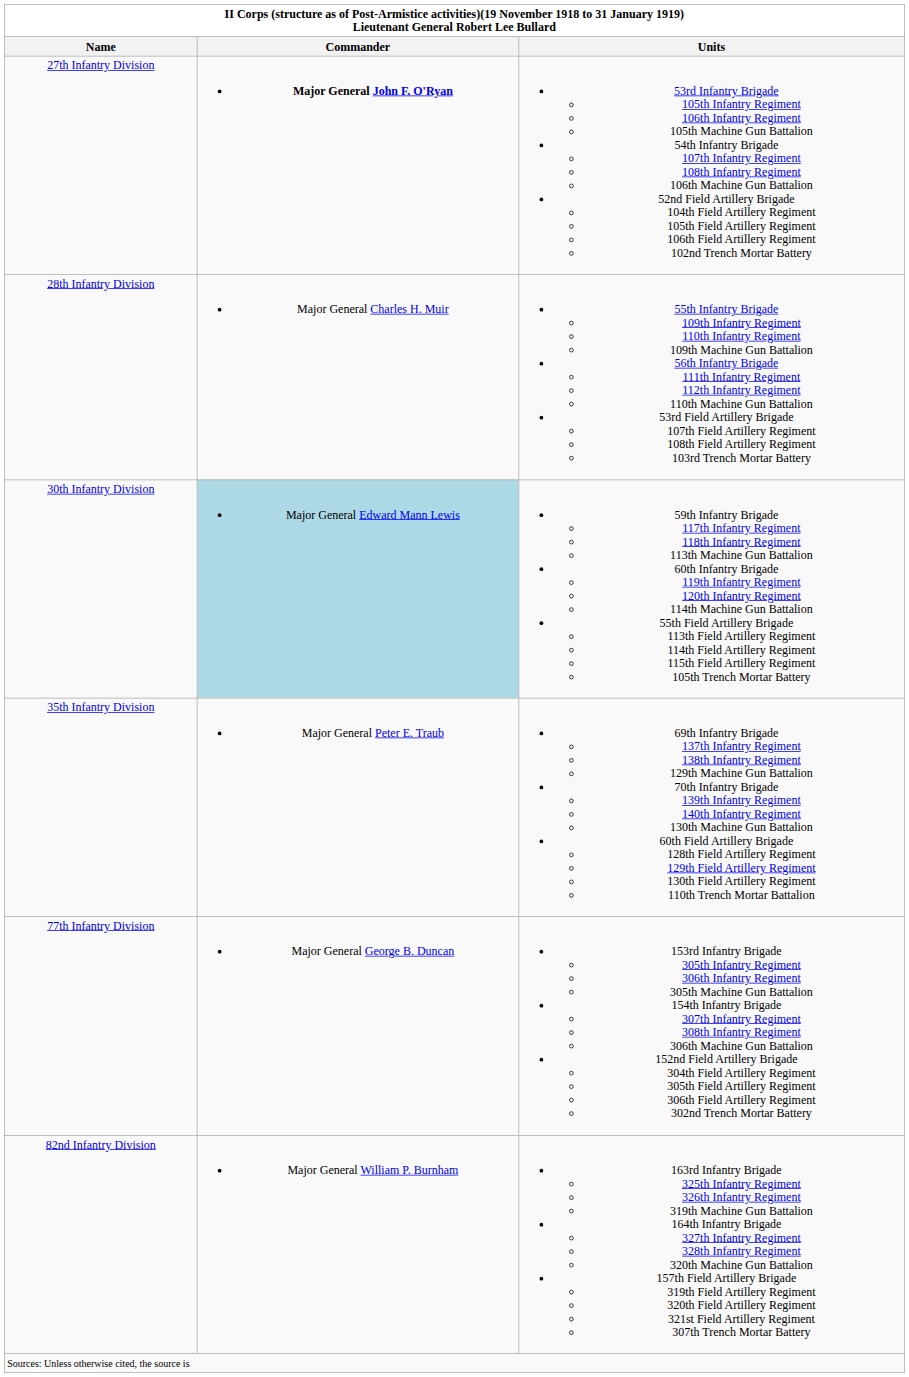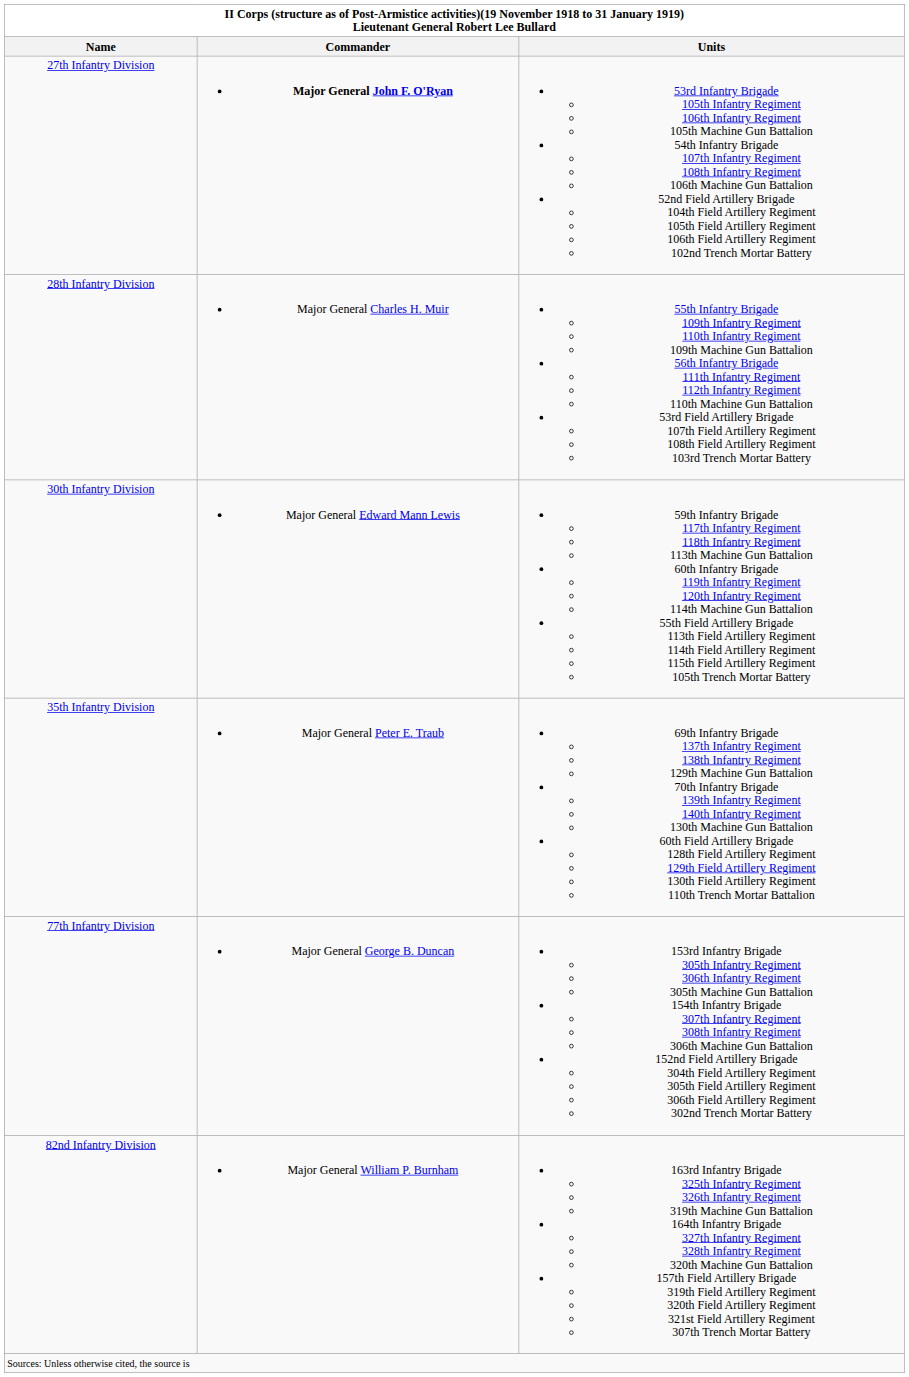 <table class="wikitable" style="width:95%;">
 <tr>
 <th colspan="11" style="background:white;">II Corps (structure as of Post-Armistice activities)(19 November 1918 to 31 January 1919)<br>Lieutenant General Robert Lee Bullard</th>
 </tr>
 <tr valign="top"|-valign="top">
 <th style="width:15%; text-align:center;">Name</th>
 <th style="width:25%; text-align:center;">Commander</th>
 <th style="width:30%; text-align:center;">Units</th>
 </tr>
 <tr valign="top">
 <td align=center><a href='#'>27th Infantry Division</a></td>
 <td align=center><strong><br><ul><li>Major General <a href='#'>John F. O'Ryan</a></li></ul></strong></td>
 <td align=center><br><ul><li><a href='#'>53rd Infantry Brigade</a><ul><li><a href='#'>105th Infantry Regiment</a></li><li><a href='#'>106th Infantry Regiment</a></li><li>105th Machine Gun Battalion</li></ul></li><li>54th Infantry Brigade<ul><li><a href='#'>107th Infantry Regiment</a></li><li><a href='#'>108th Infantry Regiment</a></li><li>106th Machine Gun Battalion</li></ul></li><li>52nd Field Artillery Brigade<ul><li>104th Field Artillery Regiment</li><li>105th Field Artillery Regiment</li><li>106th Field Artillery Regiment</li><li>102nd Trench Mortar Battery</li></ul></li></ul></td>
 </tr>
 <tr valign="top">
 <td align=center><a href='#'>28th Infantry Division</a></td>
 <td align=center><br><ul><li>Major General <a href='#'>Charles H. Muir</a></li></ul></td>
 <td align=center><br><ul><li><a href='#'>55th Infantry Brigade</a><ul><li><a href='#'>109th Infantry Regiment</a></li><li><a href='#'>110th Infantry Regiment</a></li><li>109th Machine Gun Battalion</li></ul></li><li><a href='#'>56th Infantry Brigade</a><ul><li><a href='#'>111th Infantry Regiment</a></li><li><a href='#'>112th Infantry Regiment</a></li><li>110th Machine Gun Battalion</li></ul></li><li>53rd Field Artillery Brigade<ul><li>107th Field Artillery Regiment</li><li>108th Field Artillery Regiment</li><li>103rd Trench Mortar Battery</li></ul></li></ul></td>
 </tr>
 <tr valign="top">
 <td align=center><a href='#'>30th Infantry Division</a></td>
-<td align=center style="background: lightblue;"><br><ul><li>Major General <a href='#'>Edward Mann Lewis</a></li></ul></td>
+<td align=center><br><ul><li>Major General <a href='#'>Edward Mann Lewis</a></li></ul></td>
 <td align=center><br><ul><li>59th Infantry Brigade<ul><li><a href='#'>117th Infantry Regiment</a></li><li><a href='#'>118th Infantry Regiment</a></li><li>113th Machine Gun Battalion</li></ul></li><li>60th Infantry Brigade<ul><li><a href='#'>119th Infantry Regiment</a></li><li><a href='#'>120th Infantry Regiment</a></li><li>114th Machine Gun Battalion</li></ul></li><li>55th Field Artillery Brigade<ul><li>113th Field Artillery Regiment</li><li>114th Field Artillery Regiment</li><li>115th Field Artillery Regiment</li><li>105th Trench Mortar Battery</li></ul></li></ul></td>
 </tr>
 <tr valign="top">
 <td align=center><a href='#'>35th Infantry Division</a></td>
 <td align=center><br><ul><li>Major General <a href='#'>Peter E. Traub</a></li></ul></td>
 <td align=center><br><ul><li>69th Infantry Brigade<ul><li><a href='#'>137th Infantry Regiment</a></li><li><a href='#'>138th Infantry Regiment</a></li><li>129th Machine Gun Battalion</li></ul></li><li>70th Infantry Brigade<ul><li><a href='#'>139th Infantry Regiment</a></li><li><a href='#'>140th Infantry Regiment</a></li><li>130th Machine Gun Battalion</li></ul></li><li>60th Field Artillery Brigade<ul><li>128th Field Artillery Regiment</li><li><a href='#'>129th Field Artillery Regiment</a></li><li>130th Field Artillery Regiment</li><li>110th Trench Mortar Battalion</li></ul></li></ul></td>
 </tr>
 <tr valign="top">
 <td align=center><a href='#'>77th Infantry Division</a></td>
 <td align=center><br><ul><li>Major General <a href='#'>George B. Duncan</a></li></ul></td>
 <td align=center><br><ul><li>153rd Infantry Brigade<ul><li><a href='#'>305th Infantry Regiment</a></li><li><a href='#'>306th Infantry Regiment</a></li><li>305th Machine Gun Battalion</li></ul></li><li>154th Infantry Brigade<ul><li><a href='#'>307th Infantry Regiment</a></li><li><a href='#'>308th Infantry Regiment</a></li><li>306th Machine Gun Battalion</li></ul></li><li>152nd Field Artillery Brigade<ul><li>304th Field Artillery Regiment</li><li>305th Field Artillery Regiment</li><li>306th Field Artillery Regiment</li><li>302nd Trench Mortar Battery</li></ul></li></ul></td>
 </tr>
 <tr valign="top">
 <td align=center><a href='#'>82nd Infantry Division</a></td>
 <td align=center><br><ul><li>Major General <a href='#'>William P. Burnham</a></li></ul></td>
 <td align=center><br><ul><li>163rd Infantry Brigade<ul><li><a href='#'>325th Infantry Regiment</a></li><li><a href='#'>326th Infantry Regiment</a></li><li>319th Machine Gun Battalion</li></ul></li><li>164th Infantry Brigade<ul><li><a href='#'>327th Infantry Regiment</a></li><li><a href='#'>328th Infantry Regiment</a></li><li>320th Machine Gun Battalion</li></ul></li><li>157th Field Artillery Brigade<ul><li>319th Field Artillery Regiment</li><li>320th Field Artillery Regiment</li><li>321st Field Artillery Regiment</li><li>307th Trench Mortar Battery</li></ul></li></ul></td>
 </tr>
 <tr valign="top">
 <td colspan="9" style="text-align:left;"><small>Sources: Unless otherwise cited, the source is </small></td>
 </tr>
 </table>
